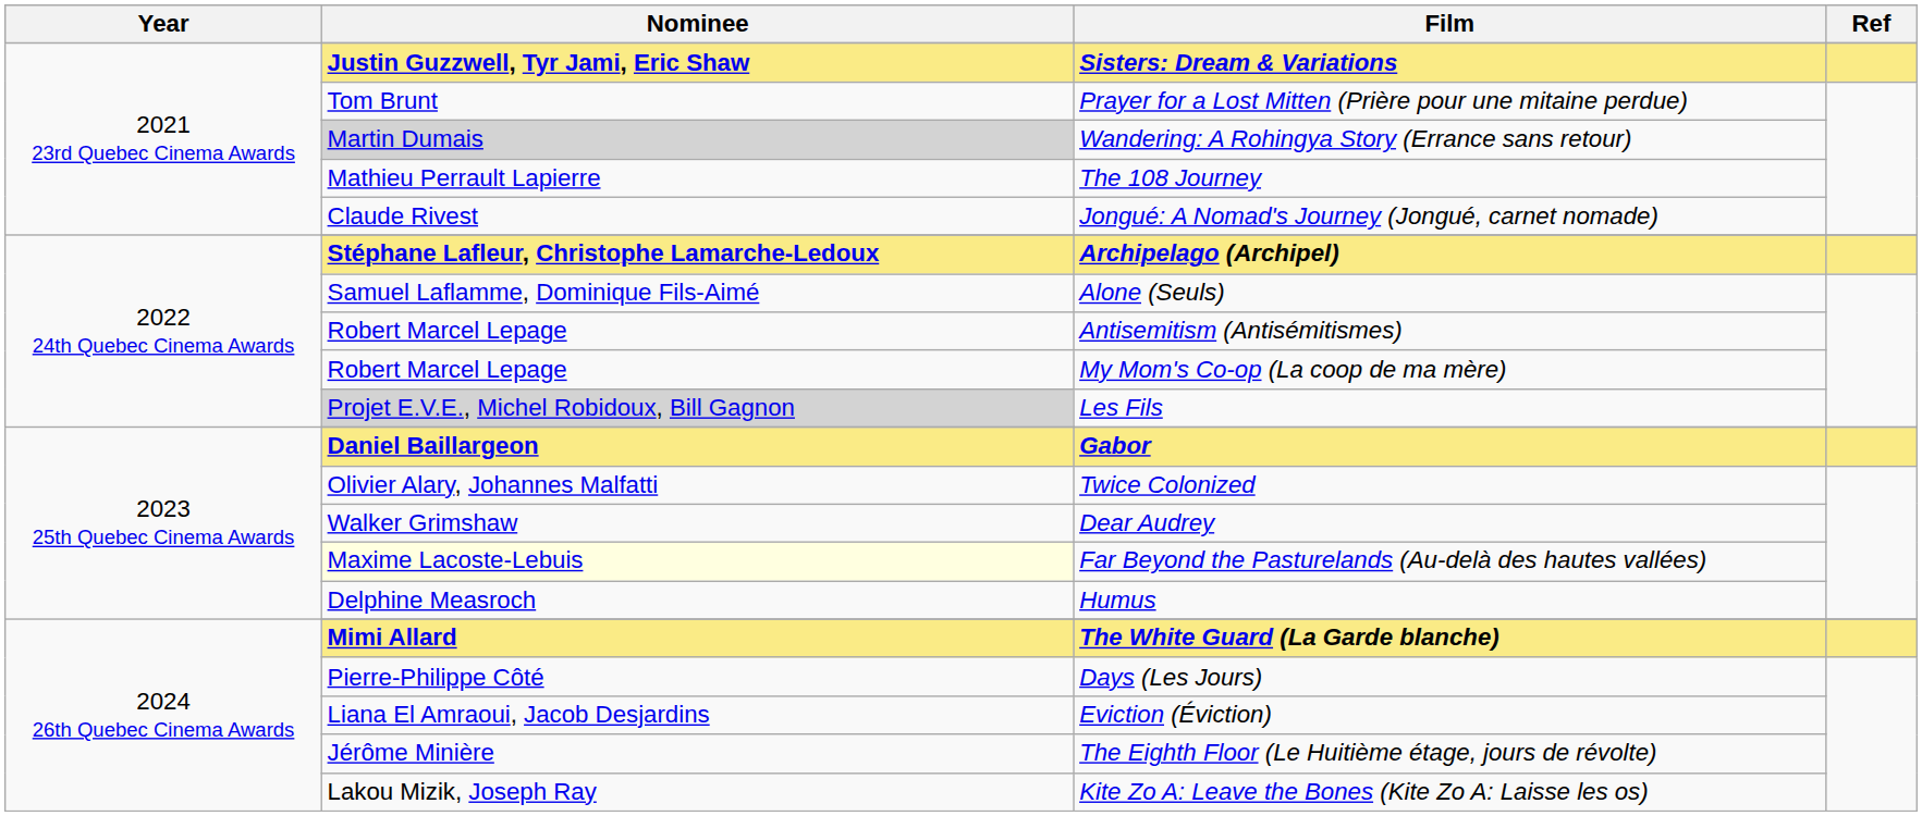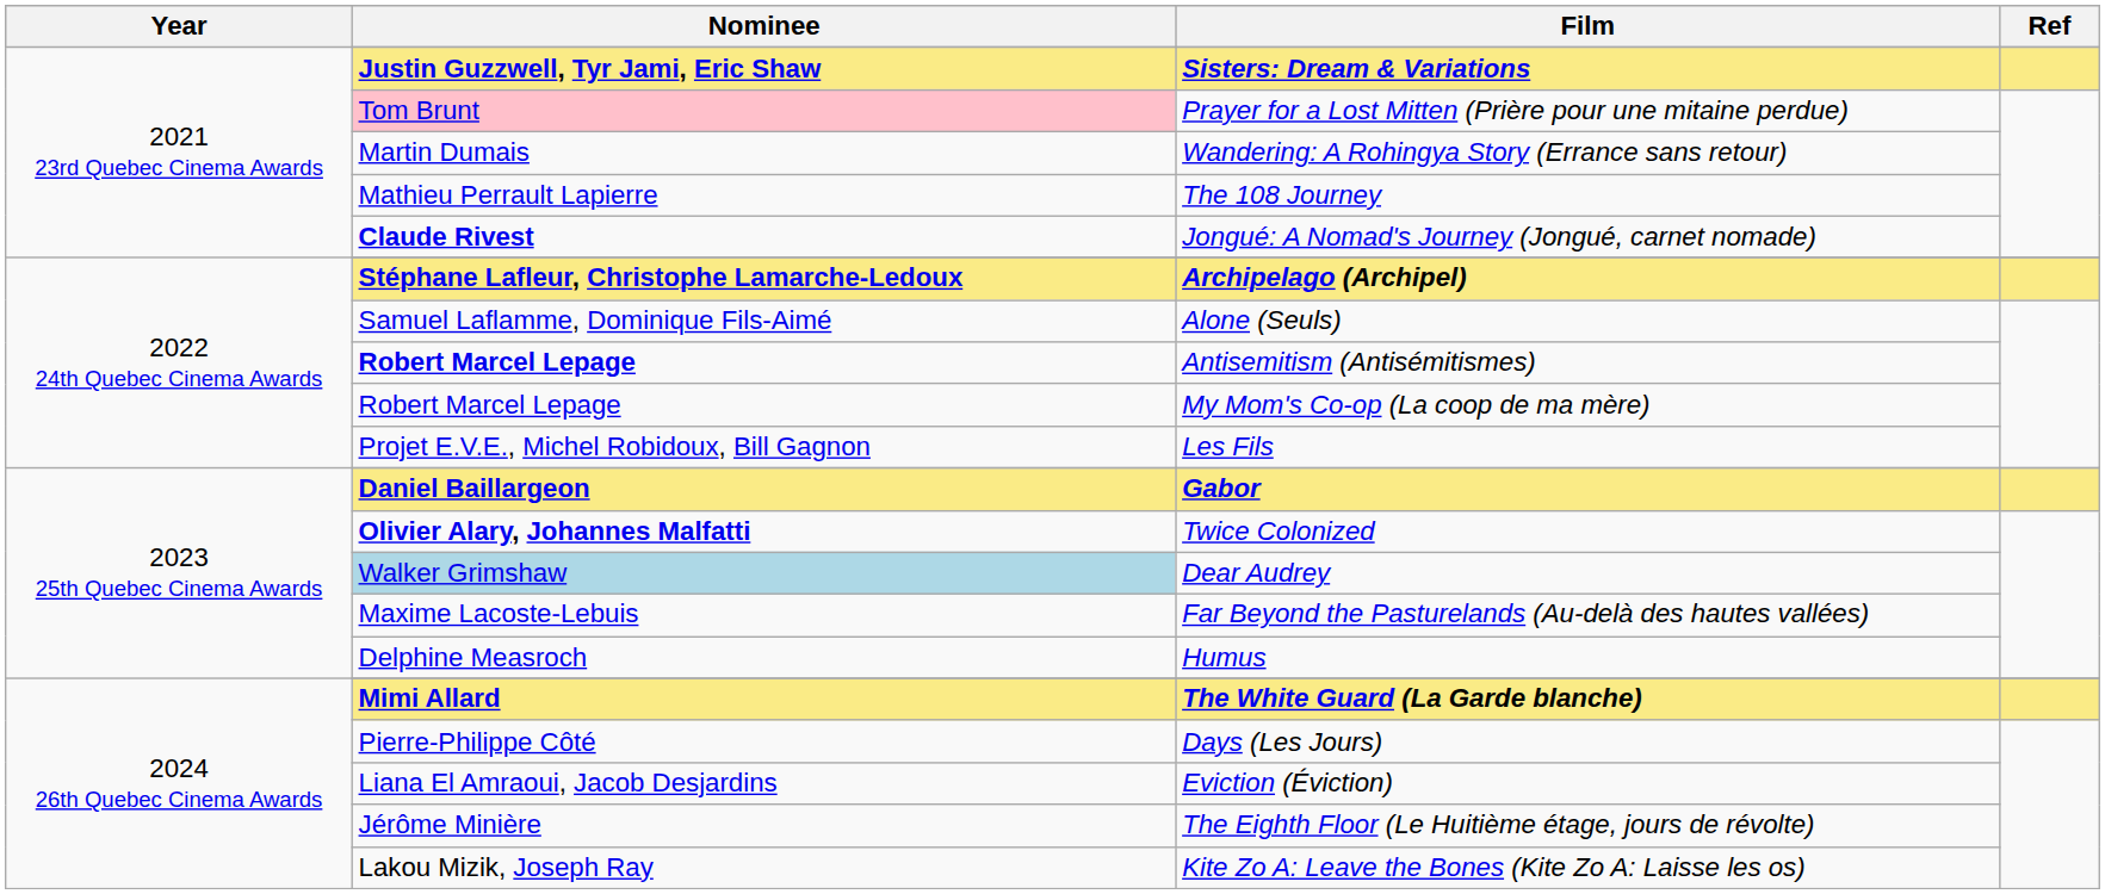 <table class="wikitable" style="width:100%;">
 <tr style="background:#bebebe;">
 <th style="width:8%;">Year</th>
 <th style="width:19%;">Nominee</th>
 <th style="width:19%;">Film</th>
 <th style="width:2%;">Ref</th>
 </tr>
 <tr>
 <td rowspan="6" align="center">2021 <br> <small><a href='#'>23rd Quebec Cinema Awards</a></small></td>
 </tr>
 <tr style="background:#FAEB86">
 <td><strong><a href='#'>Justin Guzzwell</a>, <a href='#'>Tyr Jami</a>, <a href='#'>Eric Shaw</a></strong></td>
 <td><strong><em><a href='#'>Sisters: Dream & Variations</a></em></strong></td>
 <td></td>
 </tr>
 <tr>
-<td><a href='#'>Tom Brunt</a></td>
+<td style="background: pink;"><a href='#'>Tom Brunt</a></td>
 <td><em><a href='#'>Prayer for a Lost Mitten</a> (Prière pour une mitaine perdue)</em></td>
 <td rowspan=4></td>
 </tr>
 <tr>
-<td style="background: lightgrey;"><a href='#'>Martin Dumais</a></td>
+<td><a href='#'>Martin Dumais</a></td>
 <td><em><a href='#'>Wandering: A Rohingya Story</a> (Errance sans retour)</em></td>
 </tr>
 <tr>
 <td><a href='#'>Mathieu Perrault Lapierre</a></td>
 <td><em><a href='#'>The 108 Journey</a></em></td>
 </tr>
 <tr>
-<td><a href='#'>Claude Rivest</a></td>
+<td><strong><a href='#'>Claude Rivest</a></strong></td>
 <td><em><a href='#'>Jongué: A Nomad's Journey</a> (Jongué, carnet nomade)</em></td>
 </tr>
 <tr>
 <td rowspan="6" align="center">2022<br><small><a href='#'>24th Quebec Cinema Awards</a></small></td>
 </tr>
 <tr style="background:#FAEB86">
 <td><strong><a href='#'>Stéphane Lafleur</a>, <a href='#'>Christophe Lamarche-Ledoux</a></strong></td>
 <td><strong><em><a href='#'>Archipelago</a> (Archipel)</em></strong></td>
 <td></td>
 </tr>
 <tr>
 <td><a href='#'>Samuel Laflamme</a>, <a href='#'>Dominique Fils-Aimé</a></td>
 <td><em><a href='#'>Alone</a> (Seuls)</em></td>
 <td rowspan=4></td>
 </tr>
 <tr>
-<td><a href='#'>Robert Marcel Lepage</a></td>
+<td><strong><a href='#'>Robert Marcel Lepage</a></strong></td>
 <td><em><a href='#'>Antisemitism</a> (Antisémitismes)</em></td>
 </tr>
 <tr>
 <td><a href='#'>Robert Marcel Lepage</a></td>
 <td><em><a href='#'>My Mom's Co-op</a> (La coop de ma mère)</em></td>
 </tr>
 <tr>
-<td style="background: lightgrey;"><a href='#'>Projet E.V.E.</a>, <a href='#'>Michel Robidoux</a>, <a href='#'>Bill Gagnon</a></td>
+<td><a href='#'>Projet E.V.E.</a>, <a href='#'>Michel Robidoux</a>, <a href='#'>Bill Gagnon</a></td>
 <td><em><a href='#'>Les Fils</a></em></td>
 </tr>
 <tr>
 <td rowspan="6" align="center">2023<br><small><a href='#'>25th Quebec Cinema Awards</a></small></td>
 </tr>
 <tr style="background:#FAEB86">
 <td><strong><a href='#'>Daniel Baillargeon</a></strong></td>
 <td><strong><em><a href='#'>Gabor</a></em></strong></td>
 <td></td>
 </tr>
 <tr>
-<td><a href='#'>Olivier Alary</a>, <a href='#'>Johannes Malfatti</a></td>
+<td><strong><a href='#'>Olivier Alary</a>, <a href='#'>Johannes Malfatti</a></strong></td>
 <td><em><a href='#'>Twice Colonized</a></em></td>
 <td rowspan=4></td>
 </tr>
 <tr>
-<td><a href='#'>Walker Grimshaw</a></td>
+<td style="background: lightblue;"><a href='#'>Walker Grimshaw</a></td>
 <td><em><a href='#'>Dear Audrey</a></em></td>
 </tr>
 <tr>
-<td style="background: lightyellow;"><a href='#'>Maxime Lacoste-Lebuis</a></td>
+<td><a href='#'>Maxime Lacoste-Lebuis</a></td>
 <td><em><a href='#'>Far Beyond the Pasturelands</a> (Au-delà des hautes vallées)</em></td>
 </tr>
 <tr>
 <td><a href='#'>Delphine Measroch</a></td>
 <td><em><a href='#'>Humus</a></em></td>
 </tr>
 <tr>
 <td rowspan="6" align="center">2024<br><small><a href='#'>26th Quebec Cinema Awards</a></small></td>
 </tr>
 <tr style="background:#FAEB86">
 <td><strong><a href='#'>Mimi Allard</a></strong></td>
 <td><strong><em><a href='#'>The White Guard</a> (La Garde blanche)</em></strong></td>
 <td></td>
 </tr>
 <tr>
 <td><a href='#'>Pierre-Philippe Côté</a></td>
 <td><em><a href='#'>Days</a> (Les Jours)</em></td>
 <td rowspan=4></td>
 </tr>
 <tr>
 <td><a href='#'>Liana El Amraoui</a>, <a href='#'>Jacob Desjardins</a></td>
 <td><em><a href='#'>Eviction</a> (Éviction)</em></td>
 </tr>
 <tr>
 <td><a href='#'>Jérôme Minière</a></td>
 <td><em><a href='#'>The Eighth Floor</a> (Le Huitième étage, jours de révolte)</em></td>
 </tr>
 <tr>
 <td>Lakou Mizik, <a href='#'>Joseph Ray</a></td>
 <td><em><a href='#'>Kite Zo A: Leave the Bones</a> (Kite Zo A: Laisse les os)</em></td>
 </tr>
 </table>
